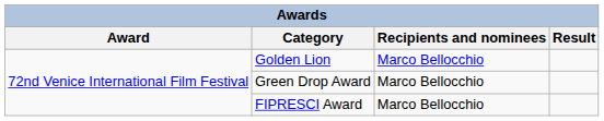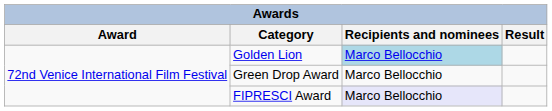 <table class="wikitable sortable">
 <tr>
 <th colspan="5" style="background: LightSteelBlue;">Awards</th>
 </tr>
 <tr style="background:#ccc; text-align:center;">
 <th>Award</th>
 <th>Category</th>
 <th>Recipients and nominees</th>
 <th>Result</th>
 </tr>
 <tr>
 <td rowspan="5"><a href='#'>72nd Venice International Film Festival</a></td>
 <td><a href='#'>Golden Lion</a></td>
-<td><a href='#'>Marco Bellocchio</a></td>
+<td style="background: lightblue;"><a href='#'>Marco Bellocchio</a></td>
 <td></td>
 </tr>
 <tr>
 <td>Green Drop Award</td>
 <td>Marco Bellocchio</td>
 <td></td>
 </tr>
 <tr>
 <td><a href='#'>FIPRESCI</a> Award</td>
-<td>Marco Bellocchio</td>
+<td style="background: lavender;">Marco Bellocchio</td>
 <td></td>
 </tr>
 </table>
